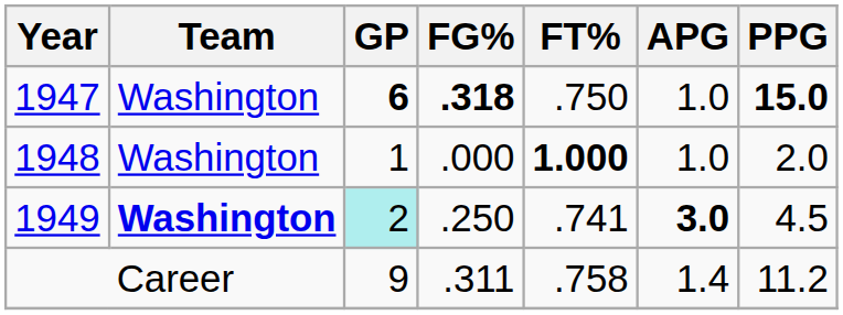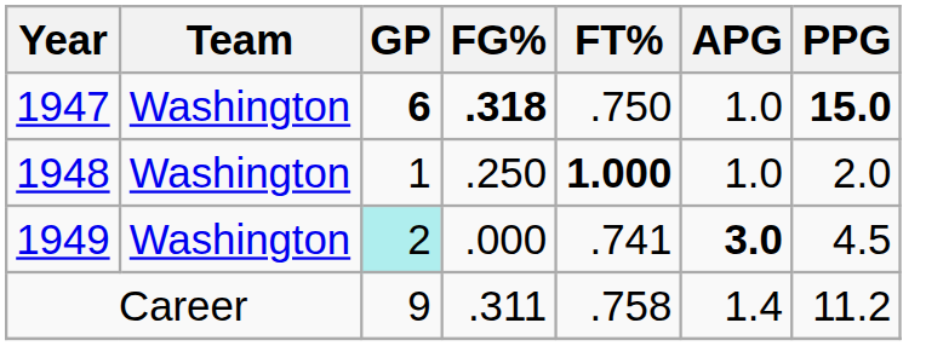 <table class="wikitable sortable" style="font-size:95%; text-align:right;">
 <tr>
 <th>Year</th>
 <th>Team</th>
 <th>GP</th>
 <th>FG%</th>
 <th>FT%</th>
 <th>APG</th>
 <th>PPG</th>
 </tr>
 <tr>
 <td style="text-align:left;"><a href='#'>1947</a></td>
 <td style="text-align:left;"><a href='#'>Washington</a></td>
 <td><strong>6</strong></td>
 <td><strong>.318</strong></td>
 <td>.750</td>
 <td>1.0</td>
 <td><strong>15.0</strong></td>
 </tr>
 <tr>
 <td style="text-align:left;"><a href='#'>1948</a></td>
 <td style="text-align:left;"><a href='#'>Washington</a></td>
 <td>1</td>
-<td>.000</td>
+<td>.250</td>
 <td><strong>1.000</strong></td>
 <td>1.0</td>
 <td>2.0</td>
 </tr>
 <tr>
 <td style="text-align:left;"><a href='#'>1949</a></td>
-<td style="text-align:left;"><strong><a href='#'>Washington</a></strong></td>
+<td style="text-align:left;"><a href='#'>Washington</a></td>
 <td style="background: paleturquoise;">2</td>
-<td>.250</td>
+<td>.000</td>
 <td>.741</td>
 <td><strong>3.0</strong></td>
 <td>4.5</td>
 </tr>
 <tr>
 <td style="text-align:center;" colspan="2">Career</td>
 <td>9</td>
 <td>.311</td>
 <td>.758</td>
 <td>1.4</td>
 <td>11.2</td>
 </tr>
 <tr>
 </tr>
 </table>
